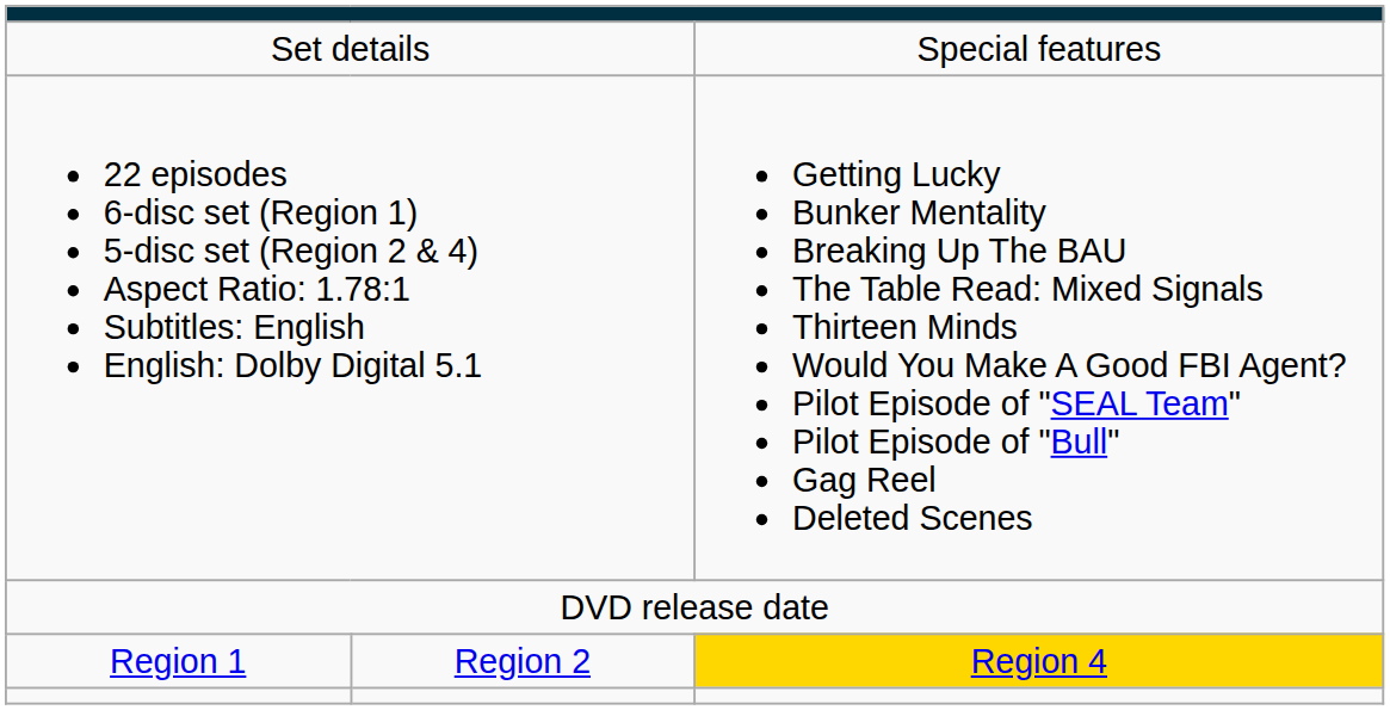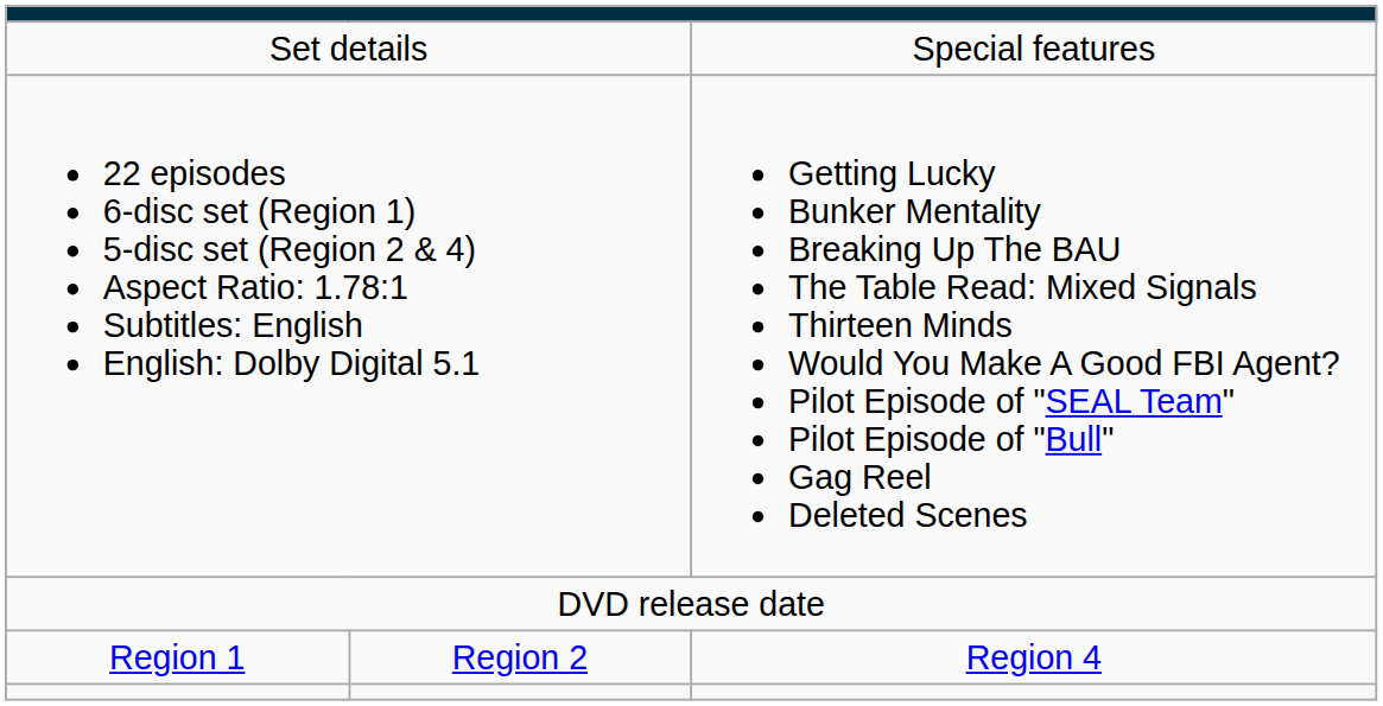 <table class="wikitable" style="font-size: 95%;">
 <tr style="background:#002f41">
 <td colspan="4" style="text-align:center;"></td>
 </tr>
 <tr style="text-align:center;">
 <td style="width:300px;" colspan="2">Set details</td>
 <td style="width:300px;" colspan="2">Special features</td>
 </tr>
 <tr valign="top">
 <td colspan="2"  style="text-align:left; width:300px;"><br><ul><li>22 episodes</li><li>6-disc set (Region 1)</li><li>5-disc set (Region 2 & 4)</li><li>Aspect Ratio: 1.78:1</li><li>Subtitles: English</li><li>English: Dolby Digital 5.1</li></ul></td>
 <td colspan="3" style="text-align:left; width:300px;"><br><ul><li>Getting Lucky</li><li>Bunker Mentality</li><li>Breaking Up The BAU</li><li>The Table Read: Mixed Signals</li><li>Thirteen Minds</li><li>Would You Make A Good FBI Agent?</li><li>Pilot Episode of "<a href='#'>SEAL Team</a>"</li><li>Pilot Episode of "<a href='#'>Bull</a>"</li><li>Gag Reel</li><li>Deleted Scenes</li></ul></td>
 </tr>
 <tr>
 <td colspan="3" style="text-align:center;">DVD release date</td>
 </tr>
 <tr style="text-align:center;">
 <td><a href='#'>Region 1</a></td>
 <td><a href='#'>Region 2</a></td>
-<td style="background: gold;"><a href='#'>Region 4</a></td>
+<td><a href='#'>Region 4</a></td>
 </tr>
 <tr style="text-align:center;">
 <td></td>
 <td></td>
 <td></td>
 </tr>
 </table>
